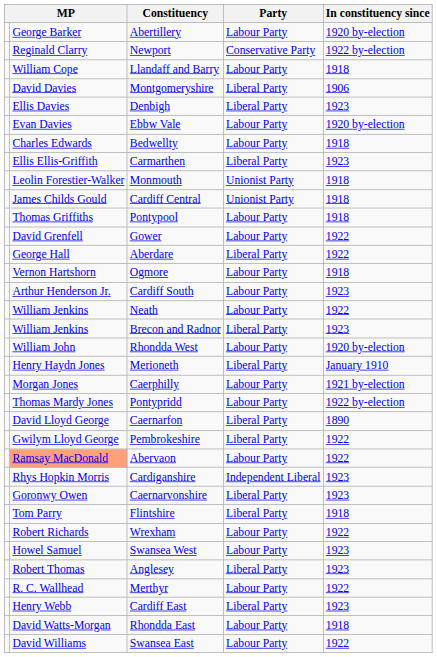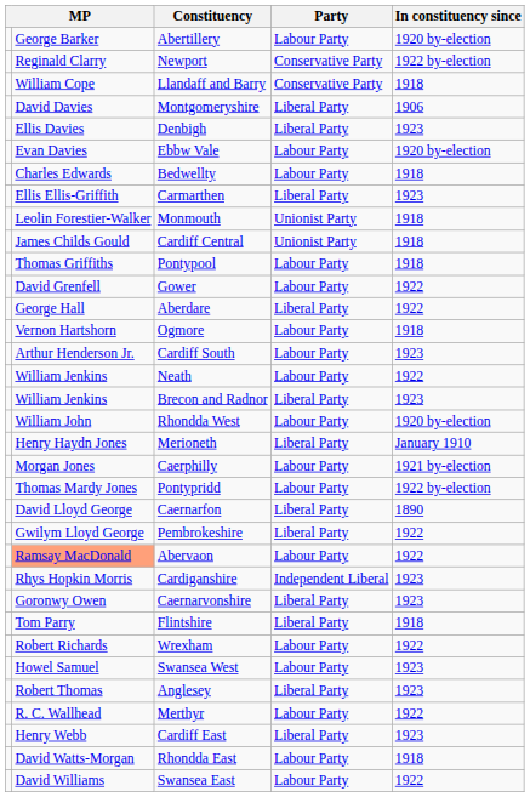 <table class="wikitable sortable">
 <tr>
 <th colspan="2">MP</th>
 <th>Constituency</th>
 <th>Party</th>
 <th>In constituency since</th>
 </tr>
 <tr>
 <td style="color:inherit;background-color: "></td>
 <td><a href='#'>George Barker</a></td>
 <td><a href='#'>Abertillery</a></td>
 <td><a href='#'>Labour Party</a></td>
 <td><a href='#'>1920 by-election</a></td>
 </tr>
 <tr>
 <td style="color:inherit;background-color: "></td>
 <td><a href='#'>Reginald Clarry</a></td>
 <td><a href='#'>Newport</a></td>
 <td><a href='#'>Conservative Party</a></td>
 <td><a href='#'>1922 by-election</a></td>
 </tr>
 <tr>
 <td style="color:inherit;background-color: "></td>
 <td><a href='#'>William Cope</a></td>
 <td><a href='#'>Llandaff and Barry</a></td>
-<td><a href='#'>Labour Party</a></td>
+<td><a href='#'>Conservative Party</a></td>
 <td><a href='#'>1918</a></td>
 </tr>
 <tr>
 <td style="color:inherit;background-color: "></td>
 <td><a href='#'>David Davies</a></td>
 <td><a href='#'>Montgomeryshire</a></td>
 <td><a href='#'>Liberal Party</a></td>
 <td><a href='#'>1906</a></td>
 </tr>
 <tr>
 <td style="color:inherit;background-color: "></td>
 <td><a href='#'>Ellis Davies</a></td>
 <td><a href='#'>Denbigh</a></td>
 <td><a href='#'>Liberal Party</a></td>
 <td><a href='#'>1923</a></td>
 </tr>
 <tr>
 <td style="color:inherit;background-color: "></td>
 <td><a href='#'>Evan Davies</a></td>
 <td><a href='#'>Ebbw Vale</a></td>
 <td><a href='#'>Labour Party</a></td>
 <td><a href='#'>1920 by-election</a></td>
 </tr>
 <tr>
 <td style="color:inherit;background-color: "></td>
 <td><a href='#'>Charles Edwards</a></td>
 <td><a href='#'>Bedwellty</a></td>
 <td><a href='#'>Labour Party</a></td>
 <td><a href='#'>1918</a></td>
 </tr>
 <tr>
 <td style="color:inherit;background-color: "></td>
 <td><a href='#'>Ellis Ellis-Griffith</a></td>
 <td><a href='#'>Carmarthen</a></td>
 <td><a href='#'>Liberal Party</a></td>
 <td><a href='#'>1923</a></td>
 </tr>
 <tr>
 <td style="color:inherit;background-color: "></td>
 <td><a href='#'>Leolin Forestier-Walker</a></td>
 <td><a href='#'>Monmouth</a></td>
 <td><a href='#'>Unionist Party</a></td>
 <td><a href='#'>1918</a></td>
 </tr>
 <tr>
 <td style="color:inherit;background-color: "></td>
 <td><a href='#'>James Childs Gould</a></td>
 <td><a href='#'>Cardiff Central</a></td>
 <td><a href='#'>Unionist Party</a></td>
 <td><a href='#'>1918</a></td>
 </tr>
 <tr>
 <td style="color:inherit;background-color: "></td>
 <td><a href='#'>Thomas Griffiths</a></td>
 <td><a href='#'>Pontypool</a></td>
 <td><a href='#'>Labour Party</a></td>
 <td><a href='#'>1918</a></td>
 </tr>
 <tr>
 <td style="color:inherit;background-color: "></td>
 <td><a href='#'>David Grenfell</a></td>
 <td><a href='#'>Gower</a></td>
 <td><a href='#'>Labour Party</a></td>
 <td><a href='#'>1922</a></td>
 </tr>
 <tr>
 <td style="color:inherit;background-color: "></td>
 <td><a href='#'>George Hall</a></td>
 <td><a href='#'>Aberdare</a></td>
 <td><a href='#'>Liberal Party</a></td>
 <td><a href='#'>1922</a></td>
 </tr>
 <tr>
 <td style="color:inherit;background-color: "></td>
 <td><a href='#'>Vernon Hartshorn</a></td>
 <td><a href='#'>Ogmore</a></td>
 <td><a href='#'>Labour Party</a></td>
 <td><a href='#'>1918</a></td>
 </tr>
 <tr>
 <td style="color:inherit;background-color: "></td>
 <td><a href='#'>Arthur Henderson Jr.</a></td>
 <td><a href='#'>Cardiff South</a></td>
 <td><a href='#'>Labour Party</a></td>
 <td><a href='#'>1923</a></td>
 </tr>
 <tr>
 <td style="color:inherit;background-color: "></td>
 <td><a href='#'>William Jenkins</a></td>
 <td><a href='#'>Neath</a></td>
 <td><a href='#'>Labour Party</a></td>
 <td><a href='#'>1922</a></td>
 </tr>
 <tr>
 <td style="color:inherit;background-color: "></td>
 <td><a href='#'>William Jenkins</a></td>
 <td><a href='#'>Brecon and Radnor</a></td>
 <td><a href='#'>Liberal Party</a></td>
 <td><a href='#'>1923</a></td>
 </tr>
 <tr>
 <td style="color:inherit;background-color: "></td>
 <td><a href='#'>William John</a></td>
 <td><a href='#'>Rhondda West</a></td>
 <td><a href='#'>Labour Party</a></td>
 <td><a href='#'>1920 by-election</a></td>
 </tr>
 <tr>
 <td style="color:inherit;background-color: "></td>
 <td><a href='#'>Henry Haydn Jones</a></td>
 <td><a href='#'>Merioneth</a></td>
 <td><a href='#'>Liberal Party</a></td>
 <td><a href='#'>January 1910</a></td>
 </tr>
 <tr>
 <td style="color:inherit;background-color: "></td>
 <td><a href='#'>Morgan Jones</a></td>
 <td><a href='#'>Caerphilly</a></td>
 <td><a href='#'>Labour Party</a></td>
 <td><a href='#'>1921 by-election</a></td>
 </tr>
 <tr>
 <td style="color:inherit;background-color: "></td>
 <td><a href='#'>Thomas Mardy Jones</a></td>
 <td><a href='#'>Pontypridd</a></td>
 <td><a href='#'>Labour Party</a></td>
 <td><a href='#'>1922 by-election</a></td>
 </tr>
 <tr>
 <td style="color:inherit;background-color: "></td>
 <td><a href='#'>David Lloyd George</a></td>
 <td><a href='#'>Caernarfon</a></td>
 <td><a href='#'>Liberal Party</a></td>
 <td><a href='#'>1890</a></td>
 </tr>
 <tr>
 <td style="color:inherit;background-color: "></td>
 <td><a href='#'>Gwilym Lloyd George</a></td>
 <td><a href='#'>Pembrokeshire</a></td>
 <td><a href='#'>Liberal Party</a></td>
 <td><a href='#'>1922</a></td>
 </tr>
 <tr>
 <td style="color:inherit;background-color: "></td>
 <td style="background: lightsalmon;"><a href='#'>Ramsay MacDonald</a></td>
 <td><a href='#'>Abervaon</a></td>
 <td><a href='#'>Labour Party</a></td>
 <td><a href='#'>1922</a></td>
 </tr>
 <tr>
 <td style="color:inherit;background-color: "></td>
 <td><a href='#'>Rhys Hopkin Morris</a></td>
 <td><a href='#'>Cardiganshire</a></td>
 <td><a href='#'>Independent Liberal</a></td>
 <td><a href='#'>1923</a></td>
 </tr>
 <tr>
 <td style="color:inherit;background-color: "></td>
 <td><a href='#'>Goronwy Owen</a></td>
 <td><a href='#'>Caernarvonshire</a></td>
 <td><a href='#'>Liberal Party</a></td>
 <td><a href='#'>1923</a></td>
 </tr>
 <tr>
 <td style="color:inherit;background-color: "></td>
 <td><a href='#'>Tom Parry</a></td>
 <td><a href='#'>Flintshire</a></td>
 <td><a href='#'>Liberal Party</a></td>
 <td><a href='#'>1918</a></td>
 </tr>
 <tr>
 <td style="color:inherit;background-color: "></td>
 <td><a href='#'>Robert Richards</a></td>
 <td><a href='#'>Wrexham</a></td>
 <td><a href='#'>Labour Party</a></td>
 <td><a href='#'>1922</a></td>
 </tr>
 <tr>
 <td style="color:inherit;background-color: "></td>
 <td><a href='#'>Howel Samuel</a></td>
 <td><a href='#'>Swansea West</a></td>
 <td><a href='#'>Labour Party</a></td>
 <td><a href='#'>1923</a></td>
 </tr>
 <tr>
 <td style="color:inherit;background-color: "></td>
 <td><a href='#'>Robert Thomas</a></td>
 <td><a href='#'>Anglesey</a></td>
 <td><a href='#'>Liberal Party</a></td>
 <td><a href='#'>1923</a></td>
 </tr>
 <tr>
 <td style="color:inherit;background-color: "></td>
 <td><a href='#'>R. C. Wallhead</a></td>
 <td><a href='#'>Merthyr</a></td>
 <td><a href='#'>Labour Party</a></td>
 <td><a href='#'>1922</a></td>
 </tr>
 <tr>
 <td style="color:inherit;background-color: "></td>
 <td><a href='#'>Henry Webb</a></td>
 <td><a href='#'>Cardiff East</a></td>
 <td><a href='#'>Liberal Party</a></td>
 <td><a href='#'>1923</a></td>
 </tr>
 <tr>
 <td style="color:inherit;background-color: "></td>
 <td><a href='#'>David Watts-Morgan</a></td>
 <td><a href='#'>Rhondda East</a></td>
 <td><a href='#'>Labour Party</a></td>
 <td><a href='#'>1918</a></td>
 </tr>
 <tr>
 <td style="color:inherit;background-color: "></td>
 <td><a href='#'>David Williams</a></td>
 <td><a href='#'>Swansea East</a></td>
 <td><a href='#'>Labour Party</a></td>
 <td><a href='#'>1922</a></td>
 </tr>
 </table>
